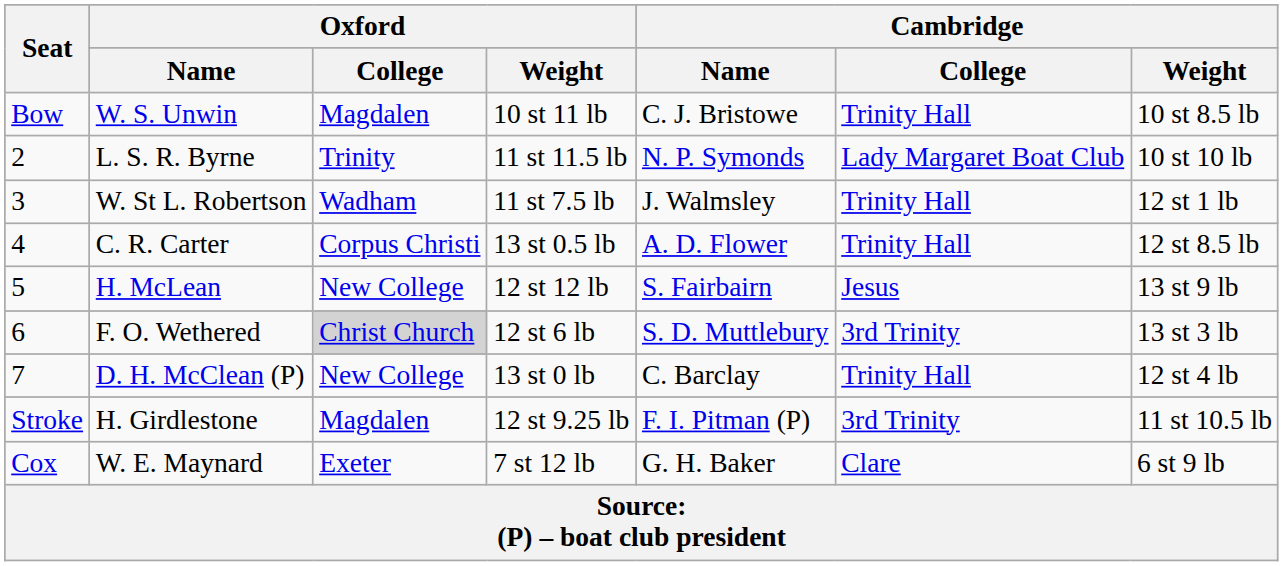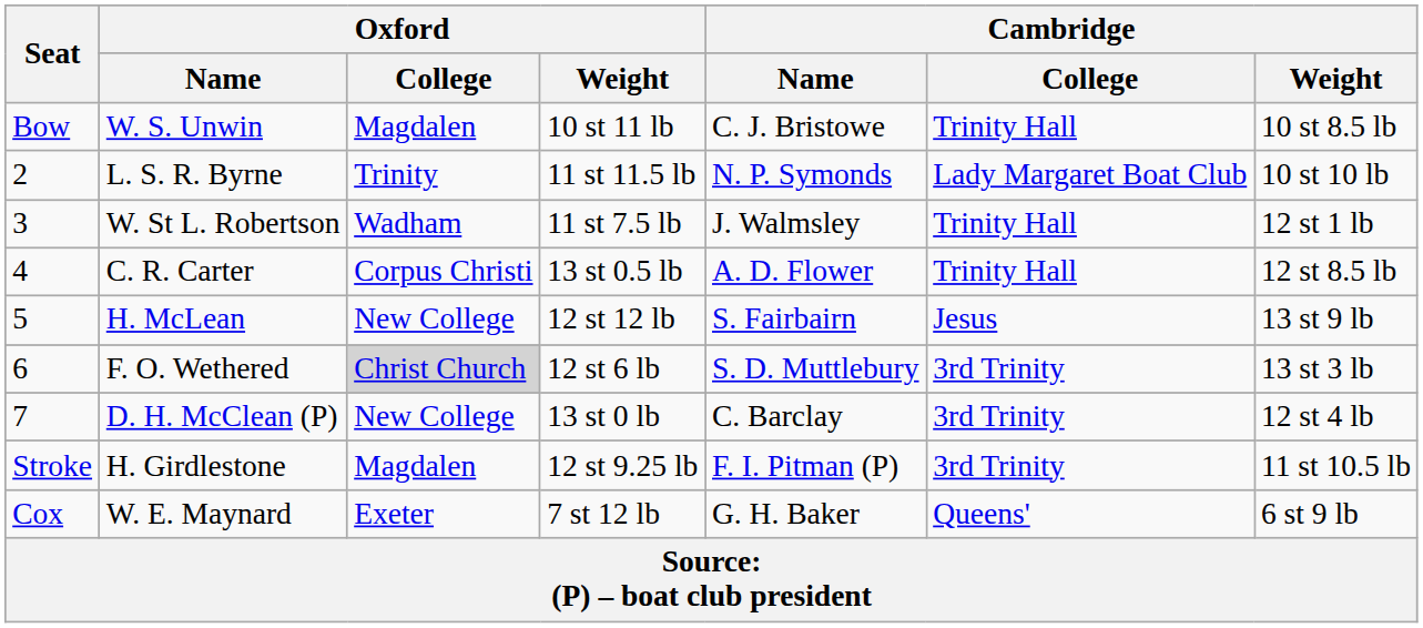 <table class="wikitable">
 <tr>
 <th rowspan="2" scope="col">Seat</th>
 <th colspan="3" scope="col">Oxford <br> </th>
 <th colspan="3" scope="col">Cambridge <br> </th>
 </tr>
 <tr>
 <th>Name</th>
 <th>College</th>
 <th>Weight</th>
 <th>Name</th>
 <th>College</th>
 <th>Weight</th>
 </tr>
 <tr>
 <td><a href='#'>Bow</a></td>
 <td><a href='#'>W. S. Unwin</a></td>
 <td><a href='#'>Magdalen</a></td>
 <td>10 st 11 lb</td>
 <td>C. J. Bristowe</td>
 <td><a href='#'>Trinity Hall</a></td>
 <td>10 st 8.5 lb</td>
 </tr>
 <tr>
 <td>2</td>
 <td>L. S. R. Byrne</td>
 <td><a href='#'>Trinity</a></td>
 <td>11 st 11.5 lb</td>
 <td><a href='#'>N. P. Symonds</a></td>
 <td><a href='#'>Lady Margaret Boat Club</a></td>
 <td>10 st 10 lb</td>
 </tr>
 <tr>
 <td>3</td>
 <td>W. St L. Robertson</td>
 <td><a href='#'>Wadham</a></td>
 <td>11 st 7.5 lb</td>
 <td>J. Walmsley</td>
 <td><a href='#'>Trinity Hall</a></td>
 <td>12 st 1 lb</td>
 </tr>
 <tr>
 <td>4</td>
 <td>C. R. Carter</td>
 <td><a href='#'>Corpus Christi</a></td>
 <td>13 st 0.5 lb</td>
 <td><a href='#'>A. D. Flower</a></td>
 <td><a href='#'>Trinity Hall</a></td>
 <td>12 st 8.5 lb</td>
 </tr>
 <tr>
 <td>5</td>
 <td><a href='#'>H. McLean</a></td>
 <td><a href='#'>New College</a></td>
 <td>12 st 12 lb</td>
 <td><a href='#'>S. Fairbairn</a></td>
 <td><a href='#'>Jesus</a></td>
 <td>13 st 9 lb</td>
 </tr>
 <tr>
 <td>6</td>
 <td>F. O. Wethered</td>
 <td style="background: lightgrey;"><a href='#'>Christ Church</a></td>
 <td>12 st 6 lb</td>
 <td><a href='#'>S. D. Muttlebury</a></td>
 <td><a href='#'>3rd Trinity</a></td>
 <td>13 st 3 lb</td>
 </tr>
 <tr>
 <td>7</td>
 <td><a href='#'>D. H. McClean</a> (P)</td>
 <td><a href='#'>New College</a></td>
 <td>13 st 0 lb</td>
 <td>C. Barclay</td>
-<td><a href='#'>Trinity Hall</a></td>
+<td><a href='#'>3rd Trinity</a></td>
 <td>12 st 4 lb</td>
 </tr>
 <tr>
 <td><a href='#'>Stroke</a></td>
 <td>H. Girdlestone</td>
 <td><a href='#'>Magdalen</a></td>
 <td>12 st 9.25 lb</td>
 <td><a href='#'>F. I. Pitman</a> (P)</td>
 <td><a href='#'>3rd Trinity</a></td>
 <td>11 st 10.5 lb</td>
 </tr>
 <tr>
 <td><a href='#'>Cox</a></td>
 <td>W. E. Maynard</td>
 <td><a href='#'>Exeter</a></td>
 <td>7 st 12 lb</td>
 <td>G. H. Baker</td>
-<td><a href='#'>Clare</a></td>
+<td><a href='#'>Queens'</a></td>
 <td>6 st 9 lb</td>
 </tr>
 <tr>
 <th colspan="7">Source:<br>(P) – boat club president</th>
 </tr>
 </table>
